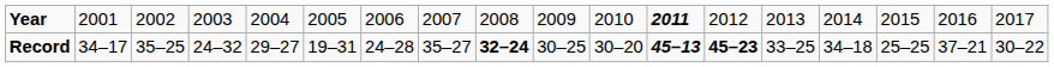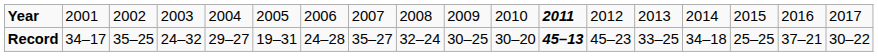 <table class="wikitable">
 <tr>
 <td><strong>Year</strong></td>
 <td>2001</td>
 <td>2002</td>
 <td>2003</td>
 <td>2004</td>
 <td>2005</td>
 <td>2006</td>
 <td>2007</td>
 <td>2008</td>
 <td>2009</td>
 <td>2010</td>
 <td><strong><em>2011</em></strong></td>
 <td>2012</td>
 <td>2013</td>
 <td>2014</td>
 <td>2015</td>
 <td>2016</td>
 <td>2017</td>
 </tr>
 <tr>
 <td><strong>Record</strong></td>
 <td>34–17</td>
 <td>35–25</td>
 <td>24–32</td>
 <td>29–27</td>
 <td>19–31</td>
 <td>24–28</td>
 <td>35–27</td>
-<td><strong>32–24</strong></td>
+<td>32–24</td>
 <td>30–25</td>
 <td>30–20</td>
 <td><strong><em>45–13</em></strong></td>
-<td><strong>45–23</strong></td>
+<td>45–23</td>
 <td>33–25</td>
 <td>34–18</td>
 <td>25–25</td>
 <td>37–21</td>
 <td>30–22</td>
 </tr>
 </table>
